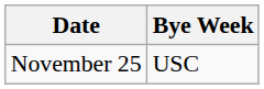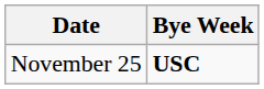 <table class="wikitable" style="font-size:95%;">
 <tr>
 <th>Date</th>
 <th colspan="2">Bye Week</th>
 </tr>
 <tr>
 <td>November 25</td>
-<td>USC</td>
+<td><strong>USC</strong></td>
 </tr>
 </table>
